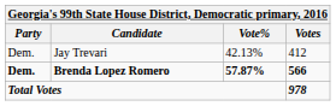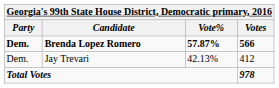 <table class="wikitable">
 <tr>
 <th colspan="4"><u>Georgia's 99th State House District, Democratic primary, 2016</u></th>
 </tr>
 <tr>
 <th><em>Party</em></th>
 <th><em>Candidate</em></th>
 <th><em>Vote%</em></th>
 <th><em>Votes</em></th>
 </tr>
 <tr>
+<td><strong>Dem.</strong></td>
+<td><strong>Brenda Lopez Romero</strong></td>
+<td><strong>57.87%</strong></td>
+<td><strong>566</strong></td>
+</tr>
+<tr>
 <td>Dem.</td>
 <td>Jay Trevari</td>
 <td>42.13%</td>
 <td>412</td>
 </tr>
 <tr>
-<td><strong>Dem.</strong></td>
-<td><strong>Brenda Lopez Romero</strong></td>
-<td><strong>57.87%</strong></td>
-<td><strong>566</strong></td>
-</tr>
-<tr>
 <td colspan="3"><strong><em>Total Votes</em></strong></td>
 <td><strong><em>978</em></strong></td>
 </tr>
 </table>
